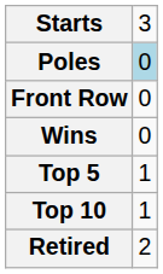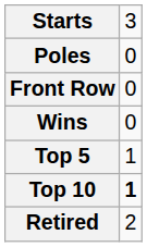 <table class="wikitable" style="text-align:center">
 <tr>
 <th>Starts</th>
 <td>3</td>
 </tr>
 <tr>
 <th>Poles</th>
-<td style="background: lightblue;">0</td>
+<td>0</td>
 </tr>
 <tr>
 <th>Front Row</th>
 <td>0</td>
 </tr>
 <tr>
 <th>Wins</th>
 <td>0</td>
 </tr>
 <tr>
 <th>Top 5</th>
 <td>1</td>
 </tr>
 <tr>
 <th>Top 10</th>
-<td>1</td>
+<td><strong>1</strong></td>
 </tr>
 <tr>
 <th>Retired</th>
 <td>2</td>
 </tr>
 </table>
